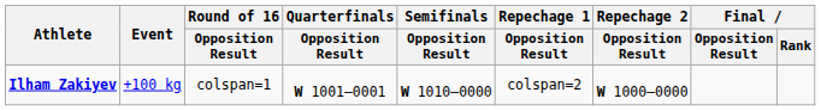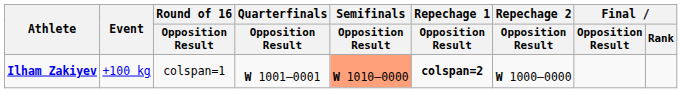 <table class="wikitable" style="font-size:90%">
 <tr>
 <th rowspan="2">Athlete</th>
 <th rowspan="2">Event</th>
 <th>Round of 16</th>
 <th>Quarterfinals</th>
 <th>Semifinals</th>
 <th>Repechage 1</th>
 <th>Repechage 2</th>
 <th colspan=2>Final / </th>
 </tr>
 <tr style="font-size:95%">
 <th>Opposition<br>Result</th>
 <th>Opposition<br>Result</th>
 <th>Opposition<br>Result</th>
 <th>Opposition<br>Result</th>
 <th>Opposition<br>Result</th>
 <th>Opposition<br>Result</th>
 <th>Rank</th>
 </tr>
 <tr align=center>
 <td align=left><strong><a href='#'>Ilham Zakiyev</a></strong></td>
 <td align=left><a href='#'>+100 kg</a></td>
 <td>colspan=1 </td>
 <td align="center"> <br> <strong>W</strong> 1001–0001</td>
-<td align="center"> <br> <strong>W</strong> 1010–0000</td>
-<td>colspan=2 </td>
+<td align="center" style="background: lightsalmon;"> <br> <strong>W</strong> 1010–0000</td>
+<td><strong>colspan=2 </strong></td>
 <td align="center"> <br> <strong>W</strong> 1000–0000</td>
 <td></td>
 </tr>
 </table>
